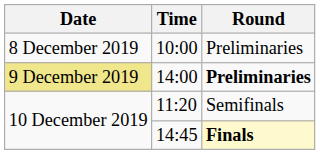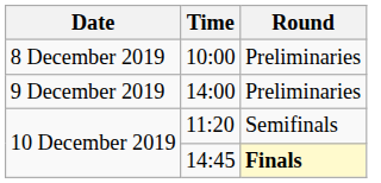 <table class="wikitable">
 <tr>
 <th>Date</th>
 <th>Time</th>
 <th>Round</th>
 </tr>
 <tr>
 <td>8 December 2019</td>
 <td>10:00</td>
 <td>Preliminaries</td>
 </tr>
 <tr>
-<td style="background: khaki;">9 December 2019</td>
+<td>9 December 2019</td>
 <td>14:00</td>
-<td><strong>Preliminaries</strong></td>
+<td>Preliminaries</td>
 </tr>
 <tr>
 <td rowspan="2">10 December 2019</td>
 <td>11:20</td>
 <td>Semifinals</td>
 </tr>
 <tr>
 <td>14:45</td>
 <td style="background:lemonchiffon;"><strong>Finals</strong></td>
 </tr>
 </table>
